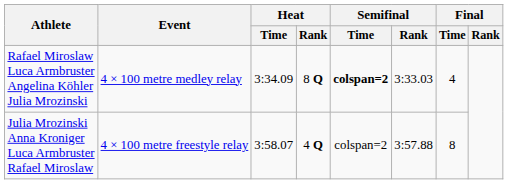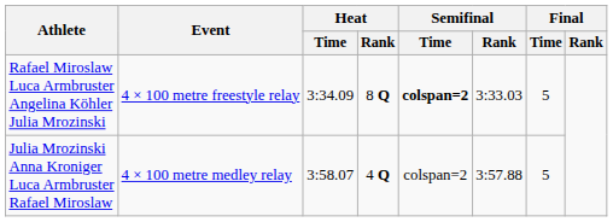 <table class=wikitable style="font-size:90%">
 <tr>
 <th rowspan=2>Athlete</th>
 <th rowspan=2>Event</th>
 <th colspan="2">Heat</th>
 <th colspan="2">Semifinal</th>
 <th colspan="2">Final</th>
 </tr>
 <tr style="font-size:95%">
 <th>Time</th>
 <th>Rank</th>
 <th>Time</th>
 <th>Rank</th>
 <th>Time</th>
 <th>Rank</th>
 </tr>
 <tr align=center>
 <td align=left><a href='#'>Rafael Miroslaw</a><br><a href='#'>Luca Armbruster</a><br><a href='#'>Angelina Köhler</a><br><a href='#'>Julia Mrozinski</a></td>
-<td align=left><a href='#'>4 × 100 metre medley relay</a></td>
+<td align=left><a href='#'>4 × 100 metre freestyle relay</a></td>
 <td>3:34.09</td>
 <td>8 <strong>Q</strong></td>
 <td><strong>colspan=2</strong></td>
 <td>3:33.03</td>
-<td>4</td>
+<td>5</td>
 </tr>
 <tr align=center>
 <td align=left><a href='#'>Julia Mrozinski</a><br><a href='#'>Anna Kroniger</a><br><a href='#'>Luca Armbruster</a><br><a href='#'>Rafael Miroslaw</a></td>
-<td align=left><a href='#'>4 × 100 metre freestyle relay</a></td>
+<td align=left><a href='#'>4 × 100 metre medley relay</a></td>
 <td>3:58.07</td>
 <td>4 <strong>Q</strong></td>
 <td>colspan=2</td>
 <td>3:57.88</td>
-<td>8</td>
+<td>5</td>
 </tr>
 </table>
